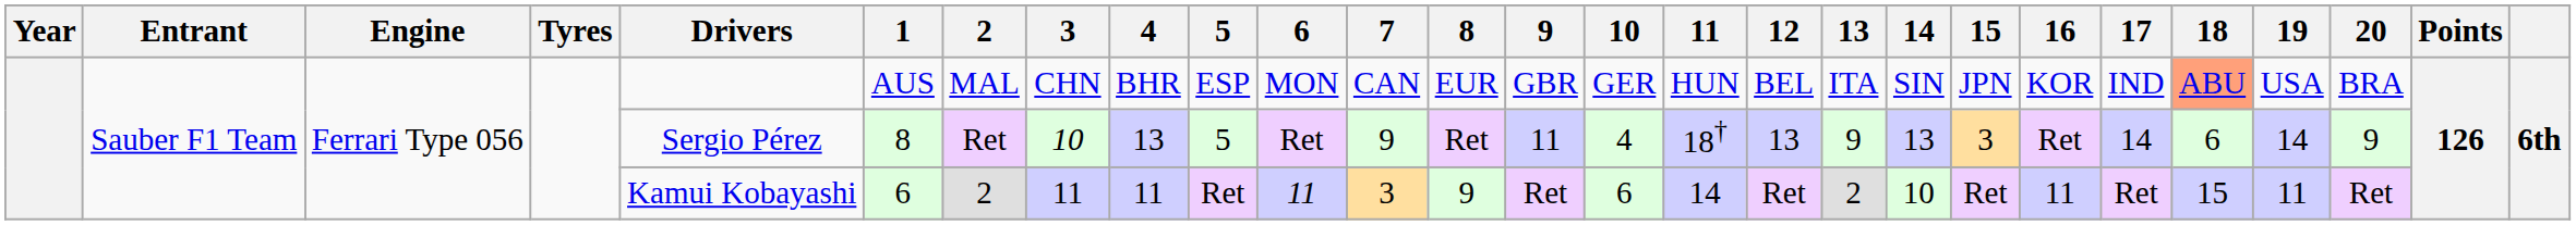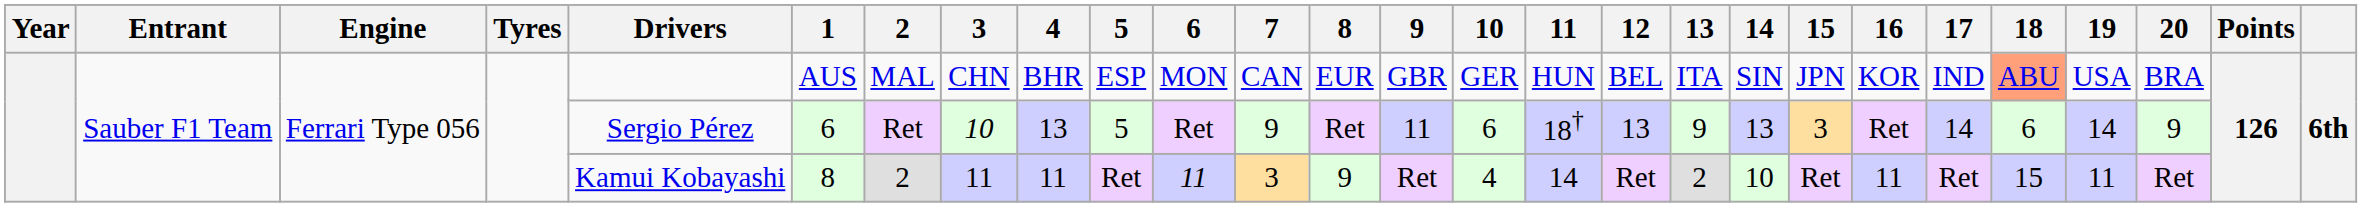 <table class="wikitable" style="text-align:center; font-size:95%">
 <tr>
 <th>Year</th>
 <th>Entrant</th>
 <th>Engine</th>
 <th>Tyres</th>
 <th>Drivers</th>
 <th>1</th>
 <th>2</th>
 <th>3</th>
 <th>4</th>
 <th>5</th>
 <th>6</th>
 <th>7</th>
 <th>8</th>
 <th>9</th>
 <th>10</th>
 <th>11</th>
 <th>12</th>
 <th>13</th>
 <th>14</th>
 <th>15</th>
 <th>16</th>
 <th>17</th>
 <th>18</th>
 <th>19</th>
 <th>20</th>
 <th>Points</th>
 <th></th>
 </tr>
 <tr>
 <th rowspan=3></th>
 <td rowspan=3><a href='#'>Sauber F1 Team</a></td>
 <td rowspan=3><a href='#'>Ferrari</a> Type 056</td>
 <td rowspan=3></td>
 <td></td>
 <td><a href='#'>AUS</a></td>
 <td><a href='#'>MAL</a></td>
 <td><a href='#'>CHN</a></td>
 <td><a href='#'>BHR</a></td>
 <td><a href='#'>ESP</a></td>
 <td><a href='#'>MON</a></td>
 <td><a href='#'>CAN</a></td>
 <td><a href='#'>EUR</a></td>
 <td><a href='#'>GBR</a></td>
 <td><a href='#'>GER</a></td>
 <td><a href='#'>HUN</a></td>
 <td><a href='#'>BEL</a></td>
 <td><a href='#'>ITA</a></td>
 <td><a href='#'>SIN</a></td>
 <td><a href='#'>JPN</a></td>
 <td><a href='#'>KOR</a></td>
 <td><a href='#'>IND</a></td>
 <td style="background: lightsalmon;"><a href='#'>ABU</a></td>
 <td><a href='#'>USA</a></td>
 <td><a href='#'>BRA</a></td>
 <th rowspan="3">126</th>
 <th rowspan="3">6th</th>
 </tr>
 <tr>
 <td> <a href='#'>Sergio Pérez</a></td>
-<td style="background:#dfffdf;">8</td>
+<td style="background:#dfffdf;">6</td>
 <td style="background:#efcfff;">Ret</td>
 <td style="background:#dfffdf;"><em>10</em></td>
 <td style="background:#cfcfff;">13</td>
 <td style="background:#dfffdf;">5</td>
 <td style="background:#efcfff;">Ret</td>
 <td style="background:#dfffdf;">9</td>
 <td style="background:#efcfff;">Ret</td>
 <td style="background:#cfcfff;">11</td>
-<td style="background:#dfffdf;">4</td>
+<td style="background:#dfffdf;">6</td>
 <td style="background:#cfcfff;">18<sup>†</sup></td>
 <td style="background:#cfcfff;">13</td>
 <td style="background:#dfffdf;">9</td>
 <td style="background:#cfcfff;">13</td>
 <td style="background:#ffdf9f;">3</td>
 <td style="background:#efcfff;">Ret</td>
 <td style="background:#cfcfff;">14</td>
 <td style="background:#dfffdf;">6</td>
 <td style="background:#cfcfff;">14</td>
 <td style="background:#dfffdf;">9</td>
 </tr>
 <tr>
 <td> <a href='#'>Kamui Kobayashi</a></td>
-<td style="background:#dfffdf;">6</td>
+<td style="background:#dfffdf;">8</td>
 <td style="background:#dfdfdf;">2</td>
 <td style="background:#cfcfff;">11</td>
 <td style="background:#cfcfff;">11</td>
 <td style="background:#efcfff;">Ret</td>
 <td style="background:#cfcfff;"><em>11</em></td>
 <td style="background:#ffdf9f;">3</td>
 <td style="background:#dfffdf;">9</td>
 <td style="background:#efcfff;">Ret</td>
-<td style="background:#dfffdf;">6</td>
+<td style="background:#dfffdf;">4</td>
 <td style="background:#cfcfff;">14</td>
 <td style="background:#efcfff;">Ret</td>
 <td style="background:#dfdfdf;">2</td>
 <td style="background:#dfffdf;">10</td>
 <td style="background:#efcfff;">Ret</td>
 <td style="background:#cfcfff;">11</td>
 <td style="background:#efcfff;">Ret</td>
 <td style="background:#cfcfff;">15</td>
 <td style="background:#cfcfff;">11</td>
 <td style="background:#efcfff;">Ret</td>
 </tr>
 </table>
